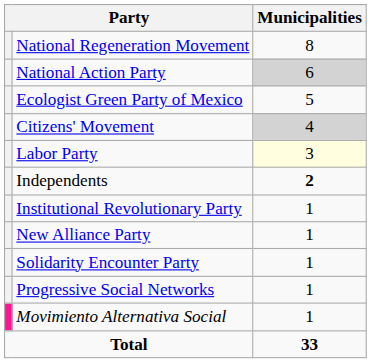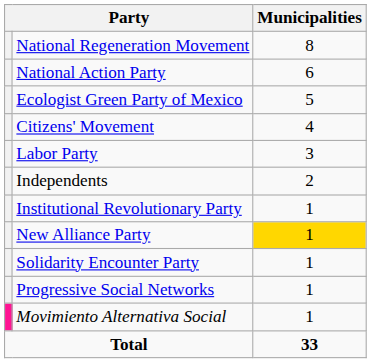 <table class="wikitable" style="text-align:center;">
 <tr>
 <th colspan="2">Party</th>
 <th>Municipalities</th>
 </tr>
 <tr>
 <th style="background-color:"></th>
 <td style="text-align:left;"><a href='#'>National Regeneration Movement</a></td>
 <td>8</td>
 </tr>
 <tr>
 <th style="background-color:"></th>
 <td style="text-align:left;"><a href='#'>National Action Party</a></td>
-<td style="background: lightgrey;">6</td>
+<td>6</td>
 </tr>
 <tr>
 <th style="background-color:"></th>
 <td style="text-align:left;"><a href='#'>Ecologist Green Party of Mexico</a></td>
 <td>5</td>
 </tr>
 <tr>
 <th style="background-color:"></th>
 <td style="text-align:left;"><a href='#'>Citizens' Movement</a></td>
-<td style="background: lightgrey;">4</td>
+<td>4</td>
 </tr>
 <tr>
 <th style="background-color:"></th>
 <td style="text-align:left;"><a href='#'>Labor Party</a></td>
-<td style="background: lightyellow;">3</td>
+<td>3</td>
 </tr>
 <tr>
 <th style="background-color:"></th>
 <td style="text-align:left;">Independents</td>
-<td><strong>2</strong></td>
+<td>2</td>
 </tr>
 <tr>
 <th style="background-color:"></th>
 <td style="text-align:left;"><a href='#'>Institutional Revolutionary Party</a></td>
 <td>1</td>
 </tr>
 <tr>
 <th style="background-color:"></th>
 <td style="text-align:left;"><a href='#'>New Alliance Party</a></td>
-<td>1</td>
+<td style="background: gold;">1</td>
 </tr>
 <tr>
 <th style="background-color:"></th>
 <td style="text-align:left;"><a href='#'>Solidarity Encounter Party</a></td>
 <td>1</td>
 </tr>
 <tr>
 <th style="background-color:"></th>
 <td style="text-align:left;"><a href='#'>Progressive Social Networks</a></td>
 <td>1</td>
 </tr>
 <tr>
 <th style="background-color:#ff1493;"></th>
 <td style="text-align:left;"><em>Movimiento Alternativa Social</em></td>
 <td>1</td>
 </tr>
 <tr>
 <td colspan="2"><strong>Total</strong></td>
 <td><strong>33</strong></td>
 </tr>
 </table>
